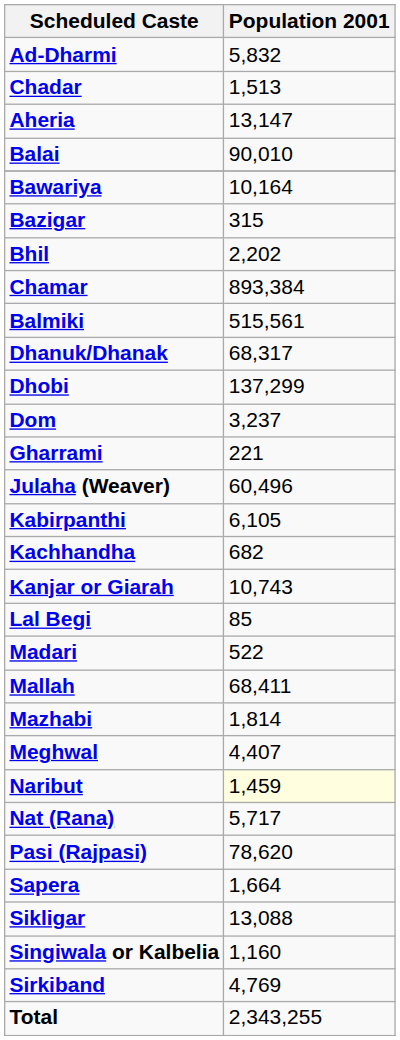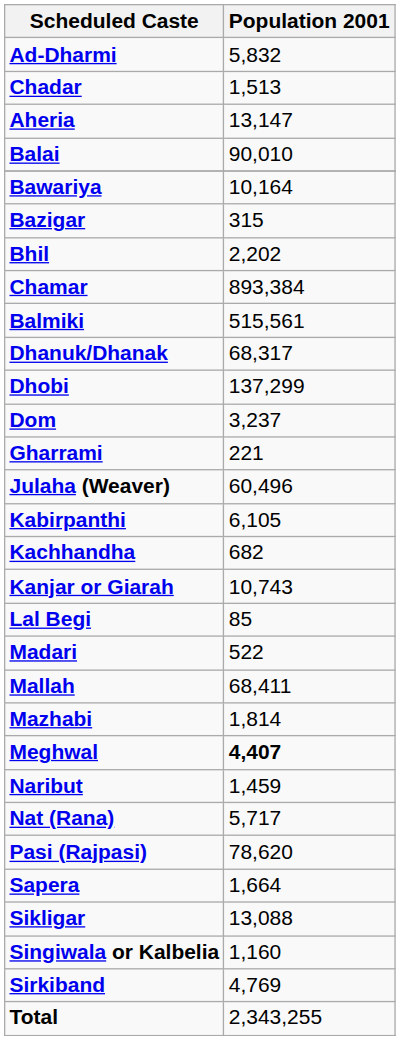 <table class="wikitable">
 <tr>
 <th>Scheduled Caste</th>
 <th>Population 2001</th>
 </tr>
 <tr>
 <td><strong><a href='#'>Ad-Dharmi</a></strong></td>
 <td>5,832</td>
 </tr>
 <tr>
 <td><strong><a href='#'>Chadar</a></strong></td>
 <td>1,513</td>
 </tr>
 <tr>
 <td><strong><a href='#'>Aheria</a> </strong></td>
 <td>13,147</td>
 </tr>
 <tr>
 <td><strong><a href='#'>Balai</a> </strong></td>
 <td>90,010</td>
 </tr>
 <tr>
 </tr>
 <tr>
 <td><strong><a href='#'>Bawariya</a></strong></td>
 <td>10,164</td>
 </tr>
 <tr>
 <td><strong><a href='#'>Bazigar</a></strong></td>
 <td>315</td>
 </tr>
 <tr>
 <td><strong><a href='#'>Bhil</a></strong></td>
 <td>2,202</td>
 </tr>
 <tr>
 <td><strong><a href='#'>Chamar</a></strong></td>
 <td>893,384</td>
 </tr>
 <tr>
 <td><strong><a href='#'>Balmiki</a> </strong></td>
 <td>515,561</td>
 </tr>
 <tr>
 <td><strong><a href='#'>Dhanuk/Dhanak</a></strong></td>
 <td>68,317</td>
 </tr>
 <tr>
 <td><strong><a href='#'>Dhobi</a></strong></td>
 <td>137,299</td>
 </tr>
 <tr>
 <td><strong><a href='#'>Dom</a></strong></td>
 <td>3,237</td>
 </tr>
 <tr>
 <td><strong><a href='#'>Gharrami</a></strong></td>
 <td>221</td>
 </tr>
 <tr>
 <td><strong><a href='#'>Julaha</a> (Weaver) </strong></td>
 <td>60,496</td>
 </tr>
 <tr>
 <td><strong><a href='#'>Kabirpanthi</a></strong></td>
 <td>6,105</td>
 </tr>
 <tr>
 <td><strong><a href='#'>Kachhandha</a> </strong></td>
 <td>682</td>
 </tr>
 <tr>
 <td><strong> <a href='#'>Kanjar or Giarah</a> </strong></td>
 <td>10,743</td>
 </tr>
 <tr>
 <td><strong><a href='#'>Lal Begi</a> </strong></td>
 <td>85</td>
 </tr>
 <tr>
 <td><strong><a href='#'>Madari</a> </strong></td>
 <td>522</td>
 </tr>
 <tr>
 <td><strong><a href='#'>Mallah</a> </strong></td>
 <td>68,411</td>
 </tr>
 <tr>
 <td><strong><a href='#'>Mazhabi</a></strong></td>
 <td>1,814</td>
 </tr>
 <tr>
 <td><strong><a href='#'>Meghwal</a></strong></td>
-<td>4,407</td>
+<td><strong>4,407</strong></td>
 </tr>
 <tr>
 <td><strong><a href='#'>Naribut</a> </strong></td>
-<td style="background: lightyellow;">1,459</td>
+<td>1,459</td>
 </tr>
 <tr>
 <td><strong><a href='#'>Nat (Rana)</a></strong></td>
 <td>5,717</td>
 </tr>
 <tr>
 <td><strong><a href='#'>Pasi (Rajpasi)</a></strong></td>
 <td>78,620</td>
 </tr>
 <tr>
 <td><strong><a href='#'>Sapera</a></strong></td>
 <td>1,664</td>
 </tr>
 <tr>
 <td><strong><a href='#'>Sikligar</a></strong></td>
 <td>13,088</td>
 </tr>
 <tr>
 <td><strong><a href='#'>Singiwala</a> or Kalbelia </strong></td>
 <td>1,160</td>
 </tr>
 <tr>
 <td><strong><a href='#'>Sirkiband</a></strong></td>
 <td>4,769</td>
 </tr>
 <tr>
 <td><strong>Total</strong></td>
 <td>2,343,255</td>
 </tr>
 <tr>
 </tr>
 </table>
